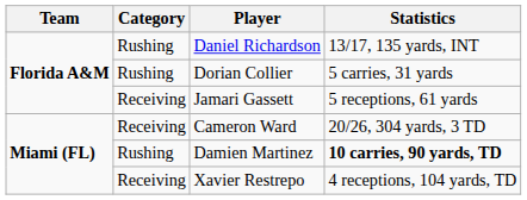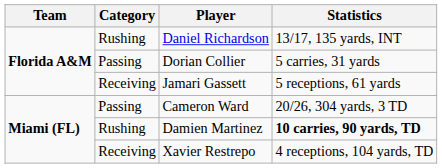 <table class="wikitable" style="float: right;">
 <tr>
 <th>Team</th>
 <th>Category</th>
 <th>Player</th>
 <th>Statistics</th>
 </tr>
 <tr>
 <td rowspan=3><strong>Florida A&M</strong></td>
 <td>Rushing</td>
 <td><a href='#'>Daniel Richardson</a></td>
 <td>13/17, 135 yards, INT</td>
 </tr>
 <tr>
-<td>Rushing</td>
+<td>Passing</td>
 <td>Dorian Collier</td>
 <td>5 carries, 31 yards</td>
 </tr>
 <tr>
 <td>Receiving</td>
 <td>Jamari Gassett</td>
 <td>5 receptions, 61 yards</td>
 </tr>
 <tr>
 <td rowspan=3><strong>Miami (FL)</strong></td>
-<td>Receiving</td>
+<td>Passing</td>
 <td>Cameron Ward</td>
 <td>20/26, 304 yards, 3 TD</td>
 </tr>
 <tr>
 <td>Rushing</td>
 <td>Damien Martinez</td>
 <td><strong>10 carries, 90 yards, TD</strong></td>
 </tr>
 <tr>
 <td>Receiving</td>
 <td>Xavier Restrepo</td>
 <td>4 receptions, 104 yards, TD</td>
 </tr>
 </table>
